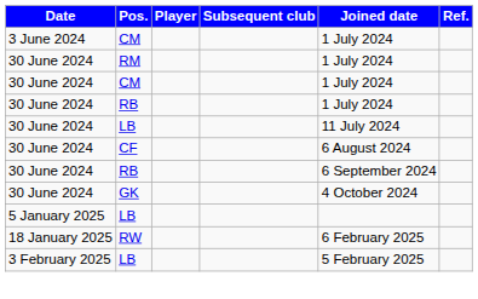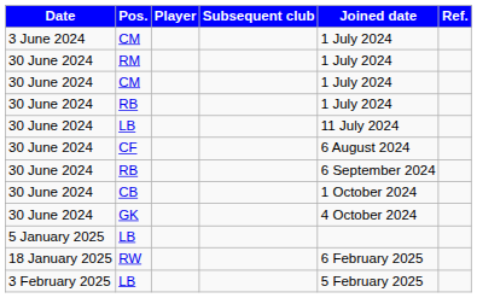 <table class="wikitable plainrowheaders sortable">
 <tr>
 <th style="background:#0000FF;color:white;">Date</th>
 <th style="background:#0000FF;color:white;">Pos.</th>
 <th style="background:#0000FF;color:white;">Player</th>
 <th style="background:#0000FF;color:white;">Subsequent club</th>
 <th style="background:#0000FF;color:white;">Joined date</th>
 <th style="background:#0000FF;color:white;">Ref.</th>
 </tr>
 <tr>
 <td>3 June 2024</td>
 <td><a href='#'>CM</a></td>
 <td></td>
 <td></td>
 <td>1 July 2024</td>
 <td></td>
 </tr>
 <tr>
 <td>30 June 2024</td>
 <td><a href='#'>RM</a></td>
 <td></td>
 <td></td>
 <td>1 July 2024</td>
 <td></td>
 </tr>
 <tr>
 <td>30 June 2024</td>
 <td><a href='#'>CM</a></td>
 <td></td>
 <td></td>
 <td>1 July 2024</td>
 <td></td>
 </tr>
 <tr>
 <td>30 June 2024</td>
 <td><a href='#'>RB</a></td>
 <td></td>
 <td></td>
 <td>1 July 2024</td>
 <td></td>
 </tr>
 <tr>
 <td>30 June 2024</td>
 <td><a href='#'>LB</a></td>
 <td></td>
 <td></td>
 <td>11 July 2024</td>
 <td></td>
 </tr>
 <tr>
 <td>30 June 2024</td>
 <td><a href='#'>CF</a></td>
 <td></td>
 <td></td>
 <td>6 August 2024</td>
 <td></td>
 </tr>
 <tr>
 <td>30 June 2024</td>
 <td><a href='#'>RB</a></td>
 <td></td>
 <td></td>
 <td>6 September 2024</td>
 <td></td>
 </tr>
 <tr>
 <td>30 June 2024</td>
+<td><a href='#'>CB</a></td>
+<td></td>
+<td></td>
+<td>1 October 2024</td>
+<td></td>
+</tr>
+<tr>
+<td>30 June 2024</td>
 <td><a href='#'>GK</a></td>
 <td></td>
 <td></td>
 <td>4 October 2024</td>
 <td></td>
 </tr>
 <tr>
 <td>5 January 2025</td>
 <td><a href='#'>LB</a></td>
 <td></td>
 <td></td>
 <td></td>
 <td></td>
 </tr>
 <tr>
 <td>18 January 2025</td>
 <td><a href='#'>RW</a></td>
 <td></td>
 <td></td>
 <td>6 February 2025</td>
 <td></td>
 </tr>
 <tr>
 <td>3 February 2025</td>
 <td><a href='#'>LB</a></td>
 <td></td>
 <td></td>
 <td>5 February 2025</td>
 <td></td>
 </tr>
 </table>
